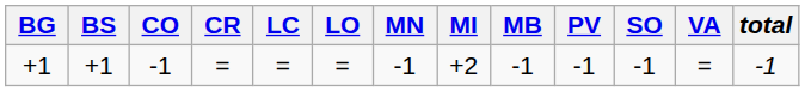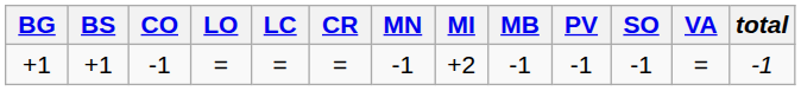 <table class="wikitable" border="1">
 <tr style="vertical-align:bottom;">
 <th> <a href='#'>BG</a> </th>
 <th> <a href='#'>BS</a> </th>
 <th> <a href='#'>CO</a> </th>
+<th> <a href='#'>LO</a> </th>
+<th> <a href='#'>LC</a> </th>
 <th> <a href='#'>CR</a> </th>
-<th> <a href='#'>LC</a> </th>
-<th> <a href='#'>LO</a> </th>
 <th> <a href='#'>MN</a> </th>
 <th> <a href='#'>MI</a> </th>
 <th> <a href='#'>MB</a> </th>
 <th> <a href='#'>PV</a> </th>
 <th> <a href='#'>SO</a> </th>
 <th> <a href='#'>VA</a> </th>
 <th><em>total</em></th>
 </tr>
 <tr style="text-align:center;">
 <td>+1</td>
 <td>+1</td>
 <td>-1</td>
 <td>=</td>
 <td>=</td>
 <td>=</td>
 <td>-1</td>
 <td>+2</td>
 <td>-1</td>
 <td>-1</td>
 <td>-1</td>
 <td>=</td>
 <td><em>-1</em></td>
 </tr>
 </table>
